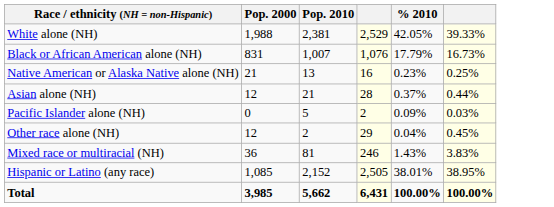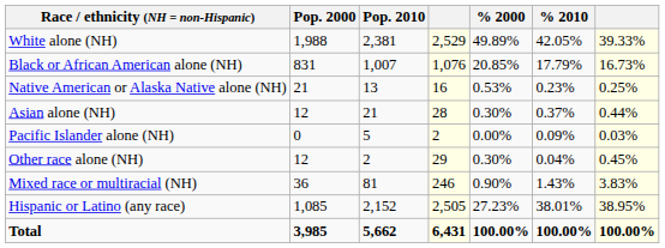 <table class="wikitable">
 <tr>
 <th>Race / ethnicity <small>(<em>NH = non-Hispanic</em>)</small></th>
 <th>Pop. 2000</th>
 <th>Pop. 2010</th>
 <th></th>
+<th>% 2000</th>
 <th>% 2010</th>
 <th></th>
 </tr>
 <tr>
 <td><a href='#'>White</a> alone (NH)</td>
 <td>1,988</td>
 <td>2,381</td>
 <td style='background: #ffffe6;'>2,529</td>
+<td>49.89%</td>
 <td>42.05%</td>
 <td style='background: #ffffe6;'>39.33%</td>
 </tr>
 <tr>
 <td><a href='#'>Black or African American</a> alone (NH)</td>
 <td>831</td>
 <td>1,007</td>
 <td style='background: #ffffe6;'>1,076</td>
+<td>20.85%</td>
 <td>17.79%</td>
 <td style='background: #ffffe6;'>16.73%</td>
 </tr>
 <tr>
 <td><a href='#'>Native American</a> or <a href='#'>Alaska Native</a> alone (NH)</td>
 <td>21</td>
 <td>13</td>
 <td style='background: #ffffe6;'>16</td>
+<td>0.53%</td>
 <td>0.23%</td>
 <td style='background: #ffffe6;'>0.25%</td>
 </tr>
 <tr>
 <td><a href='#'>Asian</a> alone (NH)</td>
 <td>12</td>
 <td>21</td>
 <td style='background: #ffffe6;'>28</td>
+<td>0.30%</td>
 <td>0.37%</td>
 <td style='background: #ffffe6;'>0.44%</td>
 </tr>
 <tr>
 <td><a href='#'>Pacific Islander</a> alone (NH)</td>
 <td>0</td>
 <td>5</td>
 <td style='background: #ffffe6;'>2</td>
+<td>0.00%</td>
 <td>0.09%</td>
 <td style='background: #ffffe6;'>0.03%</td>
 </tr>
 <tr>
 <td><a href='#'>Other race</a> alone (NH)</td>
 <td>12</td>
 <td>2</td>
 <td style='background: #ffffe6;'>29</td>
+<td>0.30%</td>
 <td>0.04%</td>
 <td style='background: #ffffe6;'>0.45%</td>
 </tr>
 <tr>
 <td><a href='#'>Mixed race or multiracial</a> (NH)</td>
 <td>36</td>
 <td>81</td>
 <td style='background: #ffffe6;'>246</td>
+<td>0.90%</td>
 <td>1.43%</td>
 <td style='background: #ffffe6;'>3.83%</td>
 </tr>
 <tr>
 <td><a href='#'>Hispanic or Latino</a> (any race)</td>
 <td>1,085</td>
 <td>2,152</td>
 <td style='background: #ffffe6;'>2,505</td>
+<td>27.23%</td>
 <td>38.01%</td>
 <td style='background: #ffffe6;'>38.95%</td>
 </tr>
 <tr>
 <td><strong>Total</strong></td>
 <td><strong>3,985</strong></td>
 <td><strong>5,662</strong></td>
 <td style='background: #ffffe6;'><strong>6,431</strong></td>
 <td><strong>100.00%</strong></td>
+<td><strong>100.00%</strong></td>
 <td style='background: #ffffe6;'><strong>100.00%</strong></td>
 </tr>
 </table>
